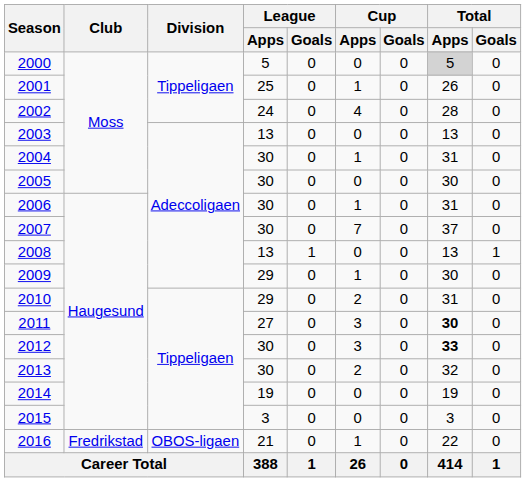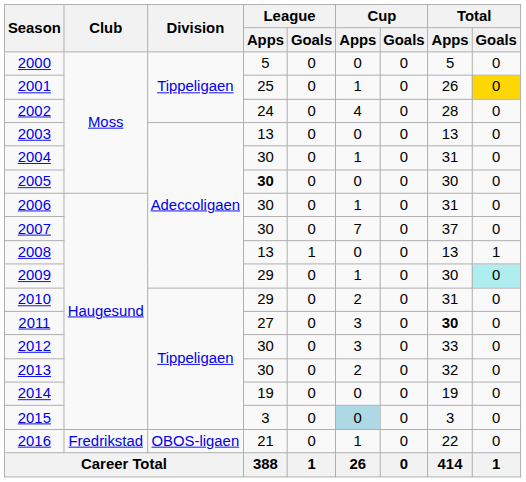 <table class="wikitable" style="text-align: center;">
 <tr>
 <th rowspan="2">Season</th>
 <th rowspan="2">Club</th>
 <th rowspan="2">Division</th>
 <th colspan="2">League</th>
 <th colspan="2">Cup</th>
 <th colspan="2">Total</th>
 </tr>
 <tr>
 <th>Apps</th>
 <th>Goals</th>
 <th>Apps</th>
 <th>Goals</th>
 <th>Apps</th>
 <th>Goals</th>
 </tr>
 <tr>
 <td><a href='#'>2000</a></td>
 <td rowspan="6" valign="center"><a href='#'>Moss</a></td>
 <td rowspan="3" valign="center"><a href='#'>Tippeligaen</a></td>
 <td>5</td>
 <td>0</td>
 <td>0</td>
 <td>0</td>
-<td style="background: lightgrey;">5</td>
+<td>5</td>
 <td>0</td>
 </tr>
 <tr>
 <td><a href='#'>2001</a></td>
 <td>25</td>
 <td>0</td>
 <td>1</td>
 <td>0</td>
 <td>26</td>
-<td>0</td>
+<td style="background: gold;">0</td>
 </tr>
 <tr>
 <td><a href='#'>2002</a></td>
 <td>24</td>
 <td>0</td>
 <td>4</td>
 <td>0</td>
 <td>28</td>
 <td>0</td>
 </tr>
 <tr>
 <td><a href='#'>2003</a></td>
 <td rowspan="7" valign="center"><a href='#'>Adeccoligaen</a></td>
 <td>13</td>
 <td>0</td>
 <td>0</td>
 <td>0</td>
 <td>13</td>
 <td>0</td>
 </tr>
 <tr>
 <td><a href='#'>2004</a></td>
 <td>30</td>
 <td>0</td>
 <td>1</td>
 <td>0</td>
 <td>31</td>
 <td>0</td>
 </tr>
 <tr>
 <td><a href='#'>2005</a></td>
-<td>30</td>
+<td><strong>30</strong></td>
 <td>0</td>
 <td>0</td>
 <td>0</td>
 <td>30</td>
 <td>0</td>
 </tr>
 <tr>
 <td><a href='#'>2006</a></td>
 <td rowspan="10" valign="center"><a href='#'>Haugesund</a></td>
 <td>30</td>
 <td>0</td>
 <td>1</td>
 <td>0</td>
 <td>31</td>
 <td>0</td>
 </tr>
 <tr>
 <td><a href='#'>2007</a></td>
 <td>30</td>
 <td>0</td>
 <td>7</td>
 <td>0</td>
 <td>37</td>
 <td>0</td>
 </tr>
 <tr>
 <td><a href='#'>2008</a></td>
 <td>13</td>
 <td>1</td>
 <td>0</td>
 <td>0</td>
 <td>13</td>
 <td>1</td>
 </tr>
 <tr>
 <td><a href='#'>2009</a></td>
 <td>29</td>
 <td>0</td>
 <td>1</td>
 <td>0</td>
 <td>30</td>
-<td>0</td>
+<td style="background: paleturquoise;">0</td>
 </tr>
 <tr>
 <td><a href='#'>2010</a></td>
 <td rowspan="6" valign="center"><a href='#'>Tippeligaen</a></td>
 <td>29</td>
 <td>0</td>
 <td>2</td>
 <td>0</td>
 <td>31</td>
 <td>0</td>
 </tr>
 <tr>
 <td><a href='#'>2011</a></td>
 <td>27</td>
 <td>0</td>
 <td>3</td>
 <td>0</td>
 <td><strong>30</strong></td>
 <td>0</td>
 </tr>
 <tr>
 <td><a href='#'>2012</a></td>
 <td>30</td>
 <td>0</td>
 <td>3</td>
 <td>0</td>
-<td><strong>33</strong></td>
+<td>33</td>
 <td>0</td>
 </tr>
 <tr>
 <td><a href='#'>2013</a></td>
 <td>30</td>
 <td>0</td>
 <td>2</td>
 <td>0</td>
 <td>32</td>
 <td>0</td>
 </tr>
 <tr>
 <td><a href='#'>2014</a></td>
 <td>19</td>
 <td>0</td>
 <td>0</td>
 <td>0</td>
 <td>19</td>
 <td>0</td>
 </tr>
 <tr>
 <td><a href='#'>2015</a></td>
 <td>3</td>
 <td>0</td>
-<td>0</td>
+<td style="background: lightblue;">0</td>
 <td>0</td>
 <td>3</td>
 <td>0</td>
 </tr>
 <tr>
 <td><a href='#'>2016</a></td>
 <td rowspan="1" valign="center"><a href='#'>Fredrikstad</a></td>
 <td rowspan="1" valign="center"><a href='#'>OBOS-ligaen</a></td>
 <td>21</td>
 <td>0</td>
 <td>1</td>
 <td>0</td>
 <td>22</td>
 <td>0</td>
 </tr>
 <tr>
 <th colspan="3">Career Total</th>
 <th>388</th>
 <th>1</th>
 <th>26</th>
 <th>0</th>
 <th>414</th>
 <th>1</th>
 </tr>
 </table>
